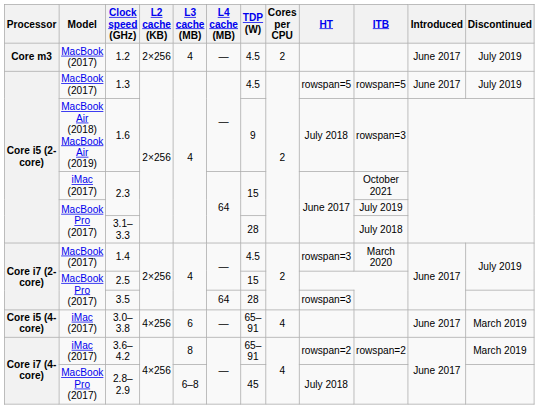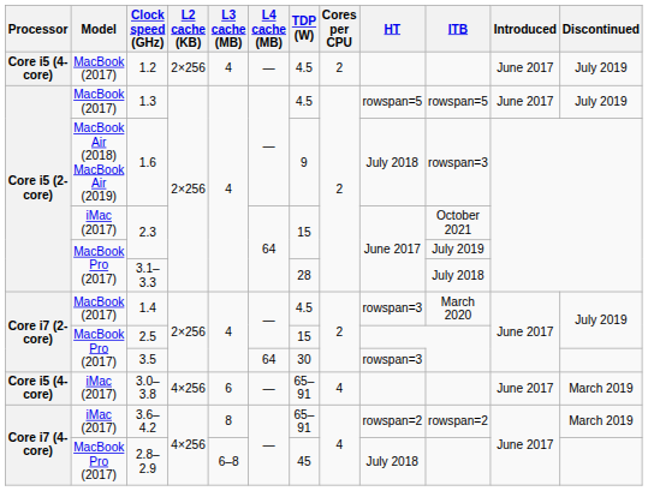 <table class="wikitable sortable" style="font-size:smaller; text-align:center">
 <tr>
 <th>Processor</th>
 <th>Model</th>
 <th><a href='#'>Clock speed</a><br>(GHz)</th>
 <th><a href='#'>L2 cache</a><br>(KB)</th>
 <th><a href='#'>L3 cache</a><br>(MB)</th>
 <th><a href='#'>L4 cache</a><br>(MB)</th>
 <th><a href='#'>TDP</a><br>(W)</th>
 <th>Cores per<br>CPU</th>
 <th><a href='#'>HT</a></th>
 <th><a href='#'>ITB</a></th>
 <th>Introduced</th>
 <th>Discontinued</th>
 </tr>
 <tr>
-<th>Core m3</th>
+<th>Core i5 (4-core)</th>
 <td><a href='#'>MacBook</a> (2017)</td>
 <td>1.2</td>
 <td>2×256</td>
 <td>4</td>
 <td>—</td>
 <td>4.5</td>
 <td>2</td>
 <td></td>
 <td></td>
 <td>June 2017</td>
 <td>July 2019</td>
 </tr>
 <tr>
 <th rowspan=5>Core i5 (2-core)</th>
 <td><a href='#'>MacBook</a> (2017)</td>
 <td>1.3</td>
 <td rowspan=5>2×256</td>
 <td rowspan=5>4</td>
 <td rowspan=2>—</td>
 <td>4.5</td>
 <td rowspan=5>2</td>
 <td>rowspan=5 </td>
 <td>rowspan=5 </td>
 <td>June 2017</td>
 <td>July 2019</td>
 </tr>
 <tr>
 <td><a href='#'>MacBook Air</a> (2018)<br><a href='#'>MacBook Air</a> (2019)</td>
 <td>1.6</td>
 <td>9</td>
 <td>July 2018</td>
 <td>rowspan=3 </td>
 </tr>
 <tr>
 <td><a href='#'>iMac</a> (2017)</td>
 <td rowspan=2>2.3</td>
 <td rowspan=3>64</td>
 <td rowspan=2>15</td>
 <td rowspan=3>June 2017</td>
 <td>October 2021</td>
 </tr>
 <tr>
 <td rowspan=2><a href='#'>MacBook Pro</a> (2017)</td>
 <td>July 2019</td>
 </tr>
 <tr>
 <td>3.1–3.3</td>
 <td>28</td>
 <td>July 2018</td>
 </tr>
 <tr>
 <th rowspan=3>Core i7 (2-core)</th>
 <td><a href='#'>MacBook</a> (2017)</td>
 <td>1.4</td>
 <td rowspan=3>2×256</td>
 <td rowspan=3>4</td>
 <td rowspan=2>—</td>
 <td>4.5</td>
 <td rowspan=3>2</td>
 <td>rowspan=3 </td>
 <td>March 2020</td>
 <td rowspan=3>June 2017</td>
 <td rowspan=2>July 2019</td>
 </tr>
 <tr>
 <td rowspan=2><a href='#'>MacBook Pro</a> (2017)</td>
 <td>2.5</td>
 <td>15</td>
 </tr>
 <tr>
 <td>3.5</td>
 <td>64</td>
-<td>28</td>
+<td>30</td>
 <td>rowspan=3 </td>
 </tr>
 <tr>
 <th>Core i5 (4-core)</th>
 <td><a href='#'>iMac</a> (2017)</td>
 <td>3.0–3.8</td>
 <td>4×256</td>
 <td>6</td>
 <td>—</td>
 <td>65–91</td>
 <td>4</td>
 <td></td>
 <td></td>
 <td>June 2017</td>
 <td>March 2019</td>
 </tr>
 <tr>
 <th rowspan=2>Core i7 (4-core)</th>
 <td><a href='#'>iMac</a> (2017)</td>
 <td>3.6–4.2</td>
 <td rowspan=2>4×256</td>
 <td>8</td>
 <td rowspan=2>—</td>
 <td>65–91</td>
 <td rowspan=2>4</td>
 <td>rowspan=2 </td>
 <td>rowspan=2 </td>
 <td rowspan=2>June 2017</td>
 <td>March 2019</td>
 </tr>
 <tr>
 <td><a href='#'>MacBook Pro</a> (2017)</td>
 <td>2.8–2.9</td>
 <td>6–8</td>
 <td>45</td>
 <td>July 2018</td>
 </tr>
 </table>
